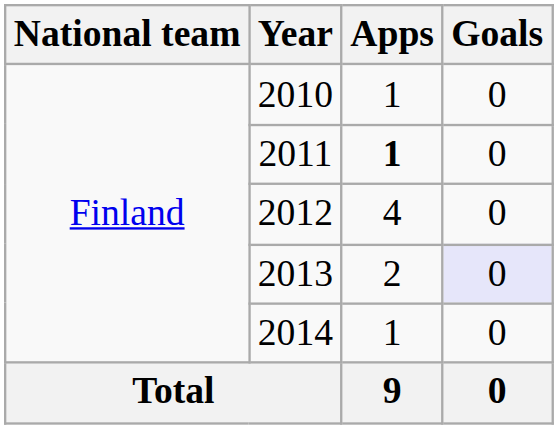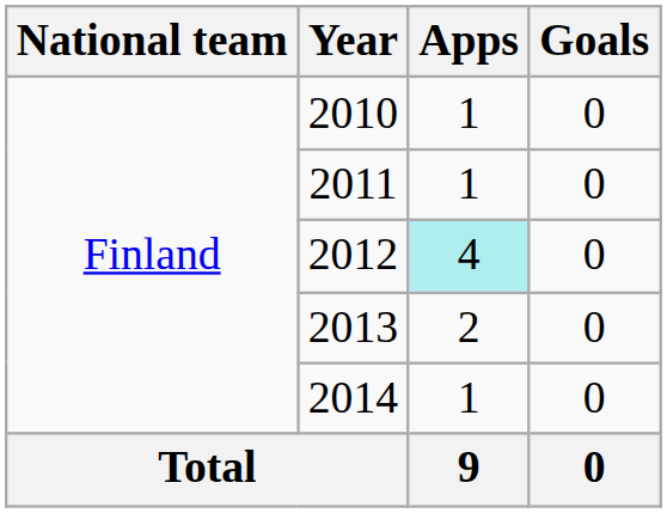 <table class="wikitable" style="text-align:center">
 <tr>
 <th>National team</th>
 <th>Year</th>
 <th>Apps</th>
 <th>Goals</th>
 </tr>
 <tr>
 <td rowspan="5"><a href='#'>Finland</a></td>
 <td>2010</td>
 <td>1</td>
 <td>0</td>
 </tr>
 <tr>
 <td>2011</td>
-<td><strong>1</strong></td>
+<td>1</td>
 <td>0</td>
 </tr>
 <tr>
 <td>2012</td>
-<td>4</td>
+<td style="background: paleturquoise;">4</td>
 <td>0</td>
 </tr>
 <tr>
 <td>2013</td>
 <td>2</td>
-<td style="background: lavender;">0</td>
+<td>0</td>
 </tr>
 <tr>
 <td>2014</td>
 <td>1</td>
 <td>0</td>
 </tr>
 <tr>
 <th colspan="2">Total</th>
 <th>9</th>
 <th>0</th>
 </tr>
 </table>
